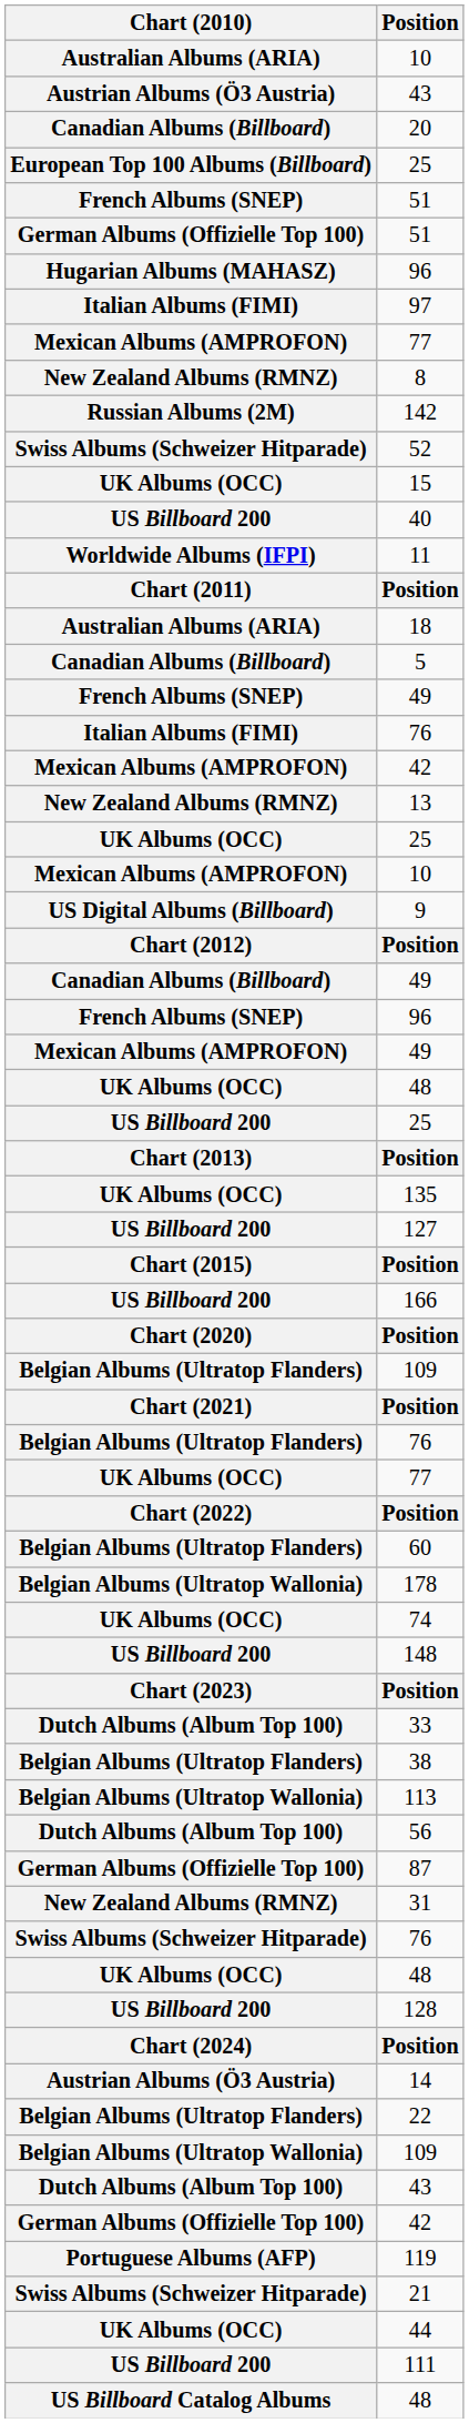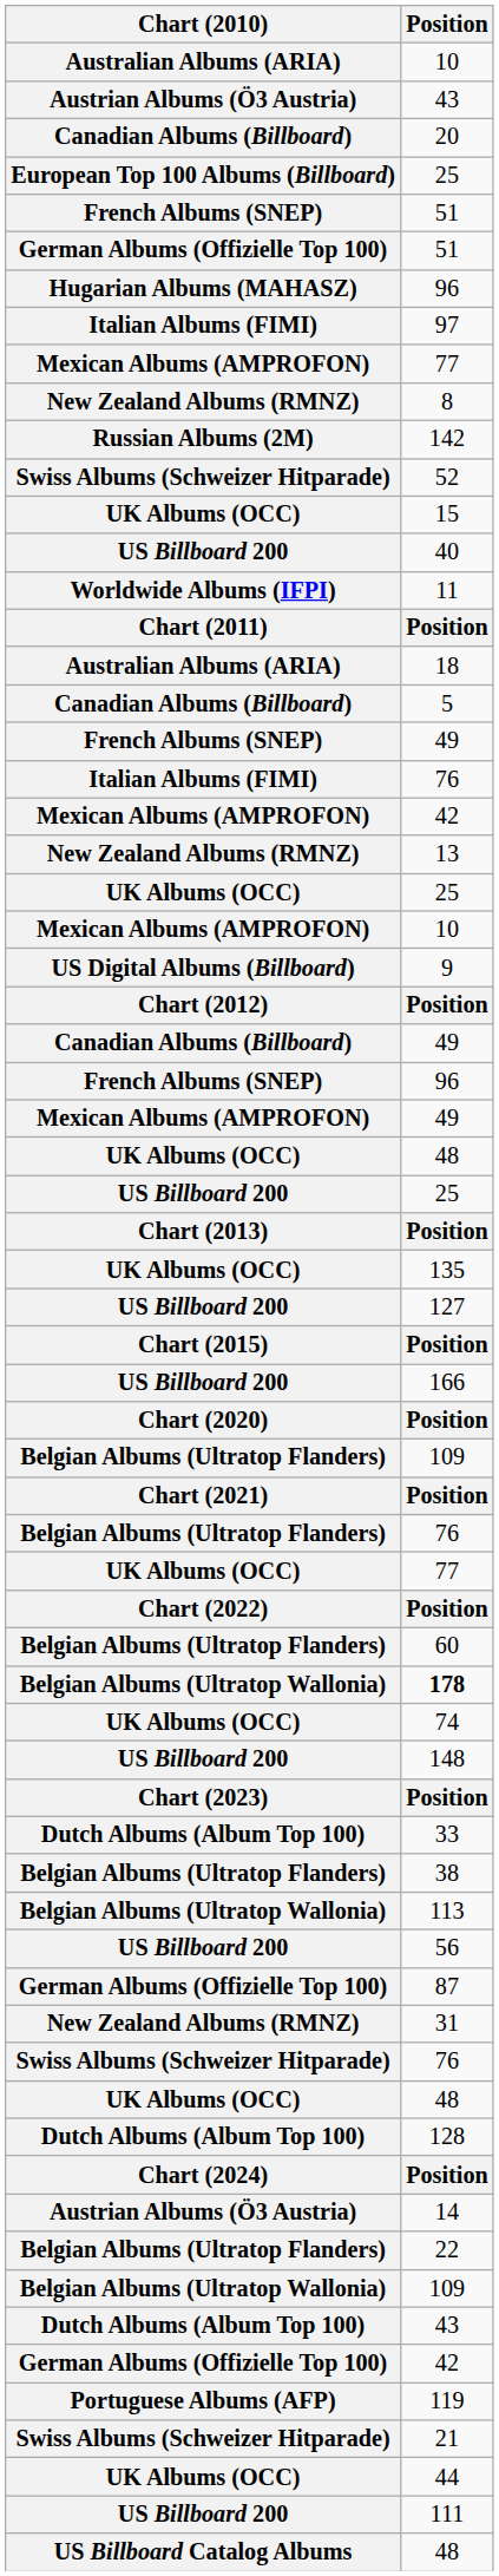 <table class="wikitable plainrowheaders">
 <tr>
 <th scope="col">Chart (2010)</th>
 <th scope="col">Position</th>
 </tr>
 <tr>
 <th scope="row">Australian Albums (ARIA)</th>
 <td style="text-align:center;">10</td>
 </tr>
 <tr>
 <th scope="row">Austrian Albums (Ö3 Austria)</th>
 <td style="text-align:center;">43</td>
 </tr>
 <tr>
 <th scope="row">Canadian Albums (<em>Billboard</em>)</th>
 <td style="text-align:center;">20</td>
 </tr>
 <tr>
 <th scope="row">European Top 100 Albums (<em>Billboard</em>)</th>
 <td style="text-align:center;">25</td>
 </tr>
 <tr>
 <th scope="row">French Albums (SNEP)</th>
 <td style="text-align:center;">51</td>
 </tr>
 <tr>
 <th scope="row">German Albums (Offizielle Top 100)</th>
 <td style="text-align:center;">51</td>
 </tr>
 <tr>
 <th scope="row">Hugarian Albums (MAHASZ)</th>
 <td style="text-align:center;">96</td>
 </tr>
 <tr>
 <th scope="row">Italian Albums (FIMI)</th>
 <td style="text-align:center;">97</td>
 </tr>
 <tr>
 <th scope="row">Mexican Albums (AMPROFON)</th>
 <td style="text-align: center;">77</td>
 </tr>
 <tr>
 <th scope="row">New Zealand Albums (RMNZ)</th>
 <td style="text-align:center;">8</td>
 </tr>
 <tr>
 <th scope="row">Russian Albums (2M)</th>
 <td style="text-align:center;">142</td>
 </tr>
 <tr>
 <th scope="row">Swiss Albums (Schweizer Hitparade)</th>
 <td style="text-align:center;">52</td>
 </tr>
 <tr>
 <th scope="row">UK Albums (OCC)</th>
 <td style="text-align:center;">15</td>
 </tr>
 <tr>
 <th scope="row">US <em>Billboard</em> 200</th>
 <td style="text-align:center;">40</td>
 </tr>
 <tr>
 <th scope="row">Worldwide Albums (<a href='#'>IFPI</a>)</th>
 <td style="text-align:center;">11</td>
 </tr>
 <tr>
 <th scope="col">Chart (2011)</th>
 <th scope="col">Position</th>
 </tr>
 <tr>
 <th scope="row">Australian Albums (ARIA)</th>
 <td style="text-align:center;">18</td>
 </tr>
 <tr>
 <th scope="row">Canadian Albums (<em>Billboard</em>)</th>
 <td style="text-align:center;">5</td>
 </tr>
 <tr>
 <th scope="row">French Albums (SNEP)</th>
 <td style="text-align: center;">49</td>
 </tr>
 <tr>
 <th scope="row">Italian Albums (FIMI)</th>
 <td style="text-align:center;">76</td>
 </tr>
 <tr>
 <th scope="row">Mexican Albums (AMPROFON)</th>
 <td style="text-align:center;">42</td>
 </tr>
 <tr>
 <th scope="row">New Zealand Albums (RMNZ)</th>
 <td style="text-align:center;">13</td>
 </tr>
 <tr>
 <th scope="row">UK Albums (OCC)</th>
 <td style="text-align:center;">25</td>
 </tr>
 <tr>
 <th scope="row">Mexican Albums (AMPROFON)</th>
 <td style="text-align:center;">10</td>
 </tr>
 <tr>
 <th scope="row">US Digital Albums (<em>Billboard</em>)</th>
 <td style="text-align:center;">9</td>
 </tr>
 <tr>
 <th scope="col">Chart (2012)</th>
 <th scope="col">Position</th>
 </tr>
 <tr>
 <th scope="row">Canadian Albums (<em>Billboard</em>)</th>
 <td style="text-align:center;">49</td>
 </tr>
 <tr>
 <th scope="row">French Albums (SNEP)</th>
 <td align="center">96</td>
 </tr>
 <tr>
 <th scope="row">Mexican Albums (AMPROFON)</th>
 <td align="center">49</td>
 </tr>
 <tr>
 <th scope="row">UK Albums (OCC)</th>
 <td align="center">48</td>
 </tr>
 <tr>
 <th scope="row">US <em>Billboard</em> 200</th>
 <td style="text-align:center;">25</td>
 </tr>
 <tr>
 <th scope="col">Chart (2013)</th>
 <th scope="col">Position</th>
 </tr>
 <tr>
 <th scope="row">UK Albums (OCC)</th>
 <td style="text-align:center;">135</td>
 </tr>
 <tr>
 <th scope="row">US <em>Billboard</em> 200</th>
 <td style="text-align:center;">127</td>
 </tr>
 <tr>
 <th scope="col">Chart (2015)</th>
 <th scope="col">Position</th>
 </tr>
 <tr>
 <th scope="row">US <em>Billboard</em> 200</th>
 <td style="text-align:center;">166</td>
 </tr>
 <tr>
 <th scope="col">Chart (2020)</th>
 <th scope="col">Position</th>
 </tr>
 <tr>
 <th scope="row">Belgian Albums (Ultratop Flanders)</th>
 <td style="text-align:center;">109</td>
 </tr>
 <tr>
 <th scope="col">Chart (2021)</th>
 <th scope="col">Position</th>
 </tr>
 <tr>
 <th scope="row">Belgian Albums (Ultratop Flanders)</th>
 <td style="text-align:center;">76</td>
 </tr>
 <tr>
 <th scope="row">UK Albums (OCC)</th>
 <td style="text-align:center;">77</td>
 </tr>
 <tr>
 <th scope="col">Chart (2022)</th>
 <th scope="col">Position</th>
 </tr>
 <tr>
 <th scope="row">Belgian Albums (Ultratop Flanders)</th>
 <td style="text-align:center;">60</td>
 </tr>
 <tr>
 <th scope="row">Belgian Albums (Ultratop Wallonia)</th>
-<td style="text-align:center;">178</td>
+<td style="text-align:center;"><strong>178</strong></td>
 </tr>
 <tr>
 <th scope="row">UK Albums (OCC)</th>
 <td style="text-align:center;">74</td>
 </tr>
 <tr>
 <th scope="row">US <em>Billboard</em> 200</th>
 <td style="text-align:center;">148</td>
 </tr>
 <tr>
 <th scope="col">Chart (2023)</th>
 <th scope="col">Position</th>
 </tr>
 <tr>
 <th scope="row">Dutch Albums (Album Top 100)</th>
 <td style="text-align:center;">33</td>
 </tr>
 <tr>
 <th scope="row">Belgian Albums (Ultratop Flanders)</th>
 <td style="text-align:center;">38</td>
 </tr>
 <tr>
 <th scope="row">Belgian Albums (Ultratop Wallonia)</th>
 <td style="text-align:center;">113</td>
 </tr>
 <tr>
-<th scope="row">Dutch Albums (Album Top 100)</th>
+<th scope="row">US <em>Billboard</em> 200</th>
 <td style="text-align:center;">56</td>
 </tr>
 <tr>
 <th scope="row">German Albums (Offizielle Top 100)</th>
 <td style="text-align:center;">87</td>
 </tr>
 <tr>
 <th scope="row">New Zealand Albums (RMNZ)</th>
 <td style="text-align:center;">31</td>
 </tr>
 <tr>
 <th scope="row">Swiss Albums (Schweizer Hitparade)</th>
 <td style="text-align:center;">76</td>
 </tr>
 <tr>
 <th scope="row">UK Albums (OCC)</th>
 <td style="text-align:center;">48</td>
 </tr>
 <tr>
-<th scope="row">US <em>Billboard</em> 200</th>
+<th scope="row">Dutch Albums (Album Top 100)</th>
 <td style="text-align:center;">128</td>
 </tr>
 <tr>
 <th scope="col">Chart (2024)</th>
 <th scope="col">Position</th>
 </tr>
 <tr>
 <th scope="row">Austrian Albums (Ö3 Austria)</th>
 <td style="text-align:center;">14</td>
 </tr>
 <tr>
 <th scope="row">Belgian Albums (Ultratop Flanders)</th>
 <td style="text-align:center;">22</td>
 </tr>
 <tr>
 <th scope="row">Belgian Albums (Ultratop Wallonia)</th>
 <td style="text-align:center;">109</td>
 </tr>
 <tr>
 <th scope="row">Dutch Albums (Album Top 100)</th>
 <td style="text-align:center;">43</td>
 </tr>
 <tr>
 <th scope="row">German Albums (Offizielle Top 100)</th>
 <td style="text-align:center;">42</td>
 </tr>
 <tr>
 <th scope="row">Portuguese Albums (AFP)</th>
 <td style="text-align:center;">119</td>
 </tr>
 <tr>
 <th scope="row">Swiss Albums (Schweizer Hitparade)</th>
 <td style="text-align:center;">21</td>
 </tr>
 <tr>
 <th scope="row">UK Albums (OCC)</th>
 <td style="text-align:center;">44</td>
 </tr>
 <tr>
 <th scope="row">US <em>Billboard</em> 200</th>
 <td style="text-align:center;">111</td>
 </tr>
 <tr>
 <th scope="row">US <em>Billboard</em> Catalog Albums</th>
 <td style="text-align:center;">48</td>
 </tr>
 </table>
